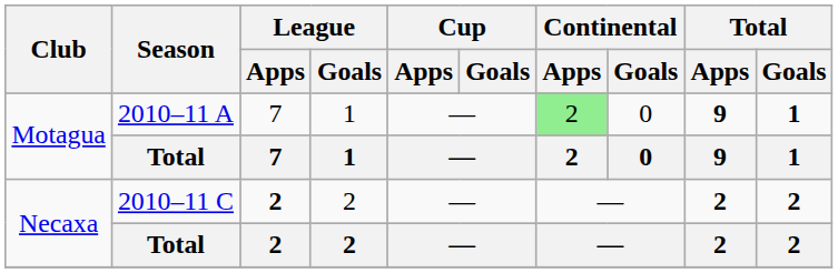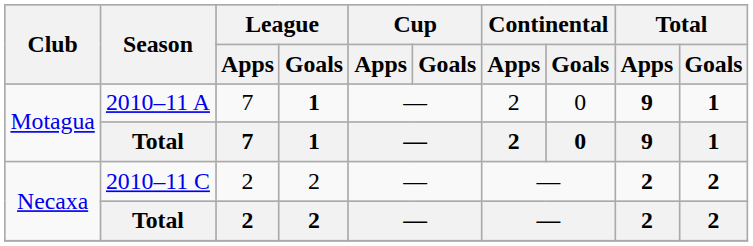 <table class="wikitable" style="font-size:90%; text-align: center">
 <tr>
 <th rowspan=2>Club</th>
 <th rowspan=2>Season</th>
 <th colspan=2>League</th>
 <th colspan=2>Cup</th>
 <th colspan=2>Continental</th>
 <th colspan=2>Total</th>
 </tr>
 <tr>
 <th>Apps</th>
 <th>Goals</th>
 <th>Apps</th>
 <th>Goals</th>
 <th>Apps</th>
 <th>Goals</th>
 <th>Apps</th>
 <th>Goals</th>
 </tr>
 <tr>
 <td rowspan=2><a href='#'>Motagua</a></td>
 <td><a href='#'>2010–11 A</a></td>
 <td>7</td>
-<td>1</td>
+<td><strong>1</strong></td>
 <td colspan="2">—</td>
-<td style="background: lightgreen;">2</td>
+<td>2</td>
 <td>0</td>
 <td><strong>9</strong></td>
 <td><strong>1</strong></td>
 </tr>
 <tr>
 <th>Total</th>
 <th>7</th>
 <th>1</th>
 <th colspan="2">—</th>
 <th>2</th>
 <th>0</th>
 <th>9</th>
 <th>1</th>
 </tr>
 <tr>
 <td rowspan=2><a href='#'>Necaxa</a></td>
 <td><a href='#'>2010–11 C</a></td>
-<td><strong>2</strong></td>
+<td>2</td>
 <td>2</td>
 <td colspan="2">—</td>
 <td colspan="2">—</td>
 <td><strong>2</strong></td>
 <td><strong>2</strong></td>
 </tr>
 <tr>
 <th>Total</th>
 <th>2</th>
 <th>2</th>
 <th colspan="2">—</th>
 <th colspan="2">—</th>
 <th>2</th>
 <th>2</th>
 </tr>
 <tr>
 </tr>
 </table>
